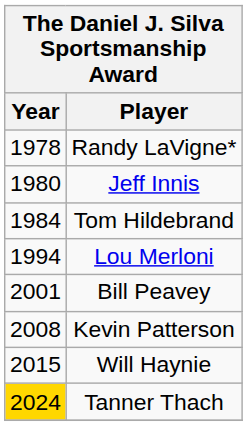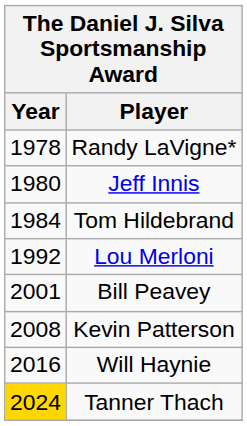 <table class="wikitable" style="display: inline-table; margin-right: 20px; text-align:center">
 <tr>
 <th scope="col" colspan="2" style="width: 145px;">The Daniel J. Silva Sportsmanship Award</th>
 </tr>
 <tr>
 <th scope="col">Year</th>
 <th scope="col">Player</th>
 </tr>
 <tr>
 <td>1978</td>
 <td>Randy LaVigne*</td>
 </tr>
 <tr>
 <td>1980</td>
 <td><a href='#'>Jeff Innis</a></td>
 </tr>
 <tr>
 <td>1984</td>
 <td>Tom Hildebrand</td>
 </tr>
 <tr>
-<td>1994</td>
+<td>1992</td>
 <td><a href='#'>Lou Merloni</a></td>
 </tr>
 <tr>
 <td>2001</td>
 <td>Bill Peavey</td>
 </tr>
 <tr>
 <td>2008</td>
 <td>Kevin Patterson</td>
 </tr>
 <tr>
-<td>2015</td>
+<td>2016</td>
 <td>Will Haynie</td>
 </tr>
 <tr>
 <td style="background: gold;">2024</td>
 <td>Tanner Thach</td>
 </tr>
 <tr>
 </tr>
 </table>
